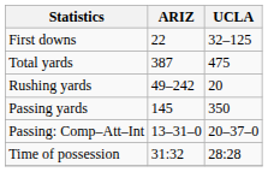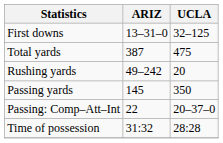 <table class="wikitable" style="float: left;">
 <tr>
 <th>Statistics</th>
 <th>ARIZ</th>
 <th>UCLA</th>
 </tr>
 <tr>
 <td>First downs</td>
-<td>22</td>
+<td>13–31–0</td>
 <td>32–125</td>
 </tr>
 <tr>
 <td>Total yards</td>
 <td>387</td>
 <td>475</td>
 </tr>
 <tr>
 <td>Rushing yards</td>
 <td>49–242</td>
 <td>20</td>
 </tr>
 <tr>
 <td>Passing yards</td>
 <td>145</td>
 <td>350</td>
 </tr>
 <tr>
 <td>Passing: Comp–Att–Int</td>
-<td>13–31–0</td>
+<td>22</td>
 <td>20–37–0</td>
 </tr>
 <tr>
 <td>Time of possession</td>
 <td>31:32</td>
 <td>28:28</td>
 </tr>
 <tr>
 </tr>
 </table>
